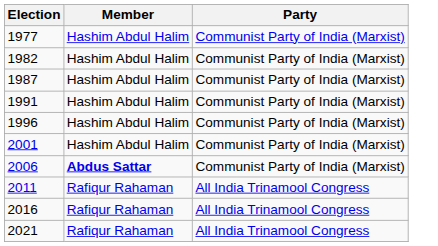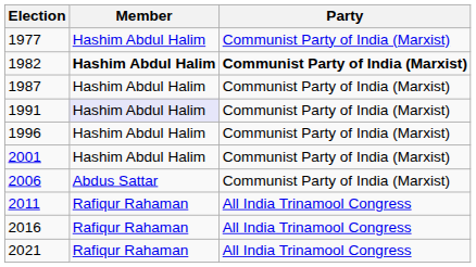 <table class="wikitable sortable">
 <tr>
 <th>Election</th>
 <th>Member</th>
 <th colspan=2>Party</th>
 </tr>
 <tr>
 <td>1977</td>
 <td><a href='#'>Hashim Abdul Halim</a></td>
 <td><a href='#'>Communist Party of India (Marxist)</a></td>
 </tr>
 <tr>
 <td>1982</td>
-<td>Hashim Abdul Halim</td>
-<td>Communist Party of India (Marxist)</td>
+<td><strong>Hashim Abdul Halim</strong></td>
+<td><strong>Communist Party of India (Marxist)</strong></td>
 </tr>
 <tr>
 <td>1987</td>
 <td>Hashim Abdul Halim</td>
 <td>Communist Party of India (Marxist)</td>
 </tr>
 <tr>
 <td>1991</td>
-<td>Hashim Abdul Halim</td>
+<td style="background: lavender;">Hashim Abdul Halim</td>
 <td>Communist Party of India (Marxist)</td>
 </tr>
 <tr>
 <td>1996</td>
 <td>Hashim Abdul Halim</td>
 <td>Communist Party of India (Marxist)</td>
 </tr>
 <tr>
 <td><a href='#'>2001</a></td>
 <td>Hashim Abdul Halim</td>
 <td>Communist Party of India (Marxist)</td>
 </tr>
 <tr>
 <td><a href='#'>2006</a></td>
-<td><strong><a href='#'>Abdus Sattar</a></strong></td>
+<td><a href='#'>Abdus Sattar</a></td>
 <td>Communist Party of India (Marxist)</td>
 </tr>
 <tr>
 <td><a href='#'>2011</a></td>
 <td><a href='#'>Rafiqur Rahaman</a></td>
 <td><a href='#'>All India Trinamool Congress</a></td>
 </tr>
 <tr>
 <td>2016</td>
 <td><a href='#'>Rafiqur Rahaman</a></td>
 <td><a href='#'>All India Trinamool Congress</a></td>
 </tr>
 <tr>
 <td>2021</td>
 <td><a href='#'>Rafiqur Rahaman</a></td>
 <td><a href='#'>All India Trinamool Congress</a></td>
 </tr>
 </table>
